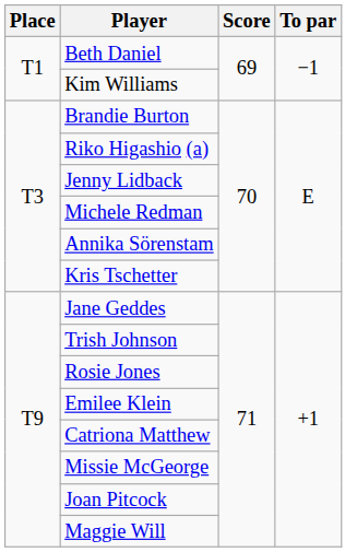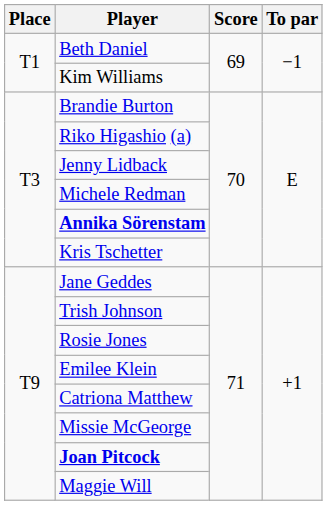 <table class="wikitable">
 <tr>
 <th>Place</th>
 <th>Player</th>
 <th>Score</th>
 <th>To par</th>
 </tr>
 <tr>
 <td rowspan=2 align=center>T1</td>
 <td> <a href='#'>Beth Daniel</a></td>
 <td rowspan=2 align=center>69</td>
 <td rowspan=2 align=center>−1</td>
 </tr>
 <tr>
 <td> Kim Williams</td>
 </tr>
 <tr>
 <td rowspan=6 align=center>T3</td>
 <td> <a href='#'>Brandie Burton</a></td>
 <td rowspan=6 align=center>70</td>
 <td rowspan=6 align=center>E</td>
 </tr>
 <tr>
 <td> <a href='#'>Riko Higashio</a> <a href='#'>(a)</a></td>
 </tr>
 <tr>
 <td> <a href='#'>Jenny Lidback</a><br></td>
 </tr>
 <tr>
 <td> <a href='#'>Michele Redman</a></td>
 </tr>
 <tr>
-<td> <a href='#'>Annika Sörenstam</a></td>
+<td><strong> <a href='#'>Annika Sörenstam</a></strong></td>
 </tr>
 <tr>
 <td> <a href='#'>Kris Tschetter</a></td>
 </tr>
 <tr>
 <td rowspan=8 align=center>T9</td>
 <td> <a href='#'>Jane Geddes</a></td>
 <td rowspan=8 align=center>71</td>
 <td rowspan=8 align=center>+1</td>
 </tr>
 <tr>
 <td> <a href='#'>Trish Johnson</a></td>
 </tr>
 <tr>
 <td> <a href='#'>Rosie Jones</a></td>
 </tr>
 <tr>
 <td> <a href='#'>Emilee Klein</a></td>
 </tr>
 <tr>
 <td> <a href='#'>Catriona Matthew</a></td>
 </tr>
 <tr>
 <td> <a href='#'>Missie McGeorge</a></td>
 </tr>
 <tr>
-<td> <a href='#'>Joan Pitcock</a></td>
+<td><strong> <a href='#'>Joan Pitcock</a></strong></td>
 </tr>
 <tr>
 <td> <a href='#'>Maggie Will</a></td>
 </tr>
 </table>
